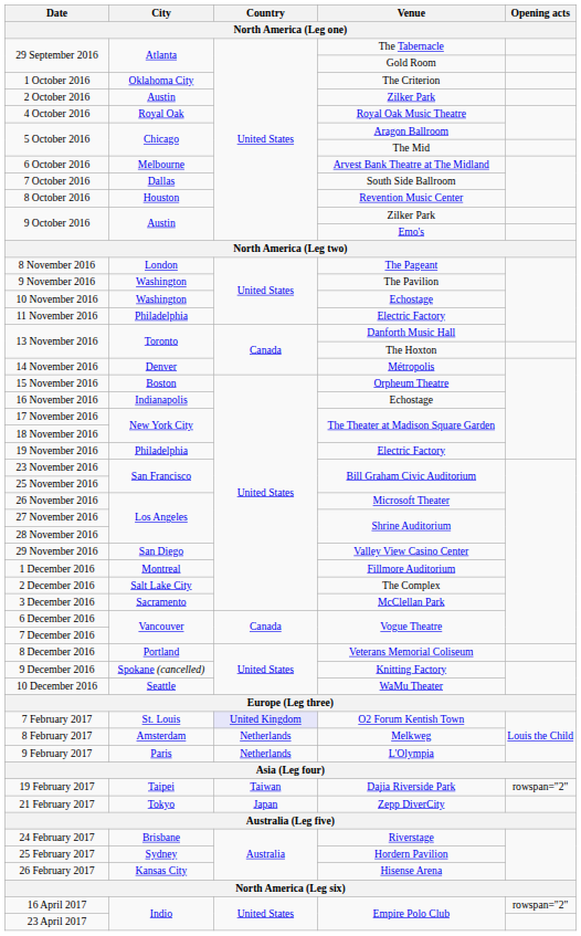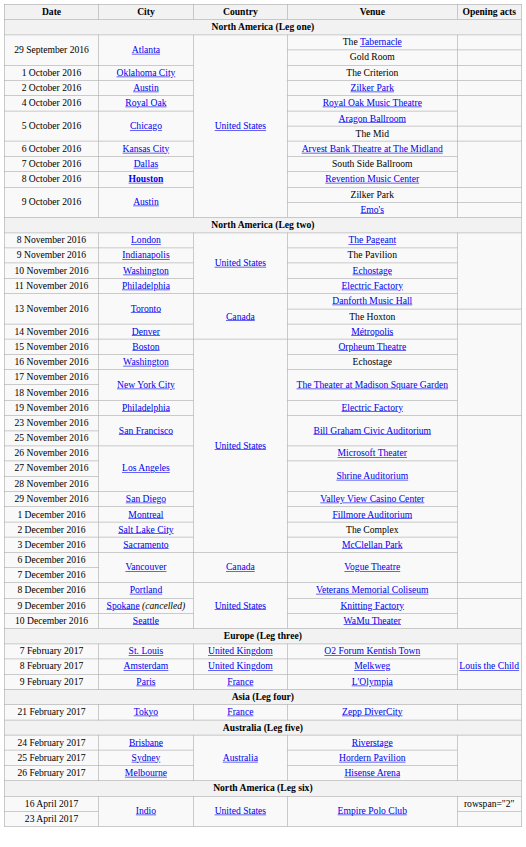 <table class="wikitable" style="text-align:center;">
 <tr>
 <th width="150">Date</th>
 <th width="150">City</th>
 <th width="150">Country</th>
 <th width="275">Venue</th>
 <th width="100">Opening acts</th>
 </tr>
 <tr>
 <th colspan="5">North America (Leg one)</th>
 </tr>
 <tr>
 <td rowspan="2">29 September 2016</td>
 <td rowspan="2"><a href='#'>Atlanta</a></td>
 <td rowspan="12"><a href='#'>United States</a></td>
 <td>The <a href='#'>Tabernacle</a></td>
 <td></td>
 </tr>
 <tr>
 <td>Gold Room </td>
 <td></td>
 </tr>
 <tr>
 <td>1 October 2016</td>
 <td><a href='#'>Oklahoma City</a></td>
 <td>The Criterion</td>
 <td></td>
 </tr>
 <tr>
 <td>2 October 2016</td>
 <td><a href='#'>Austin</a></td>
 <td><a href='#'>Zilker Park</a></td>
 <td></td>
 </tr>
 <tr>
 <td>4 October 2016</td>
 <td><a href='#'>Royal Oak</a></td>
 <td><a href='#'>Royal Oak Music Theatre</a></td>
 <td rowspan="2"></td>
 </tr>
 <tr>
 <td rowspan="2">5 October 2016</td>
 <td rowspan="2"><a href='#'>Chicago</a></td>
 <td><a href='#'>Aragon Ballroom</a></td>
 </tr>
 <tr>
 <td>The Mid </td>
 <td></td>
 </tr>
 <tr>
 <td>6 October 2016</td>
-<td><a href='#'>Melbourne</a></td>
+<td><a href='#'>Kansas City</a></td>
 <td><a href='#'>Arvest Bank Theatre at The Midland</a></td>
 <td rowspan="3"></td>
 </tr>
 <tr>
 <td>7 October 2016</td>
 <td><a href='#'>Dallas</a></td>
 <td>South Side Ballroom</td>
 </tr>
 <tr>
 <td>8 October 2016</td>
-<td><a href='#'>Houston</a></td>
+<td><strong><a href='#'>Houston</a></strong></td>
 <td><a href='#'>Revention Music Center</a></td>
 </tr>
 <tr>
 <td rowspan="2">9 October 2016</td>
 <td rowspan="2"><a href='#'>Austin</a></td>
 <td>Zilker Park</td>
 <td></td>
 </tr>
 <tr>
 <td><a href='#'>Emo's</a> </td>
 <td></td>
 </tr>
 <tr>
 <th colspan="5">North America (Leg two)</th>
 </tr>
 <tr>
 <td>8 November 2016</td>
 <td><a href='#'>London</a></td>
 <td rowspan="4"><a href='#'>United States</a></td>
 <td><a href='#'>The Pageant</a></td>
 <td rowspan="5"></td>
 </tr>
 <tr>
 <td>9 November 2016</td>
-<td><a href='#'>Washington</a></td>
+<td><a href='#'>Indianapolis</a></td>
 <td>The Pavilion</td>
 </tr>
 <tr>
 <td>10 November 2016</td>
 <td><a href='#'>Washington</a></td>
 <td><a href='#'>Echostage</a></td>
 </tr>
 <tr>
 <td>11 November 2016</td>
 <td><a href='#'>Philadelphia</a></td>
 <td><a href='#'>Electric Factory</a></td>
 </tr>
 <tr>
 <td rowspan="2">13 November 2016</td>
 <td rowspan="2"><a href='#'>Toronto</a></td>
 <td rowspan="3"><a href='#'>Canada</a></td>
 <td><a href='#'>Danforth Music Hall</a></td>
 </tr>
 <tr>
 <td>The Hoxton </td>
 <td></td>
 </tr>
 <tr>
 <td>14 November 2016</td>
 <td><a href='#'>Denver</a></td>
 <td><a href='#'>Métropolis</a></td>
 <td rowspan="6"></td>
 </tr>
 <tr>
 <td>15 November 2016</td>
 <td><a href='#'>Boston</a></td>
 <td rowspan="14"><a href='#'>United States</a></td>
 <td><a href='#'>Orpheum Theatre</a></td>
 </tr>
 <tr>
 <td>16 November 2016</td>
-<td><a href='#'>Indianapolis</a></td>
+<td><a href='#'>Washington</a></td>
 <td>Echostage</td>
 </tr>
 <tr>
 <td>17 November 2016</td>
 <td rowspan="2"><a href='#'>New York City</a></td>
 <td rowspan="2"><a href='#'>The Theater at Madison Square Garden</a></td>
 </tr>
 <tr>
 <td>18 November 2016</td>
 </tr>
 <tr>
 <td>19 November 2016</td>
 <td><a href='#'>Philadelphia</a></td>
 <td><a href='#'>Electric Factory</a></td>
 </tr>
 <tr>
 <td>23 November 2016</td>
 <td rowspan="2"><a href='#'>San Francisco</a></td>
 <td rowspan="2"><a href='#'>Bill Graham Civic Auditorium</a></td>
 <td rowspan="11"></td>
 </tr>
 <tr>
 <td>25 November 2016</td>
 </tr>
 <tr>
 <td>26 November 2016</td>
 <td rowspan="3"><a href='#'>Los Angeles</a></td>
 <td><a href='#'>Microsoft Theater</a></td>
 </tr>
 <tr>
 <td>27 November 2016</td>
 <td rowspan="2"><a href='#'>Shrine Auditorium</a></td>
 </tr>
 <tr>
 <td>28 November 2016</td>
 </tr>
 <tr>
 <td>29 November 2016</td>
 <td><a href='#'>San Diego</a></td>
 <td><a href='#'>Valley View Casino Center</a></td>
 </tr>
 <tr>
 <td>1 December 2016</td>
 <td><a href='#'>Montreal</a></td>
 <td><a href='#'>Fillmore Auditorium</a></td>
 </tr>
 <tr>
 <td>2 December 2016</td>
 <td><a href='#'>Salt Lake City</a></td>
 <td>The Complex</td>
 </tr>
 <tr>
 <td>3 December 2016</td>
 <td><a href='#'>Sacramento</a></td>
 <td><a href='#'>McClellan Park</a></td>
 </tr>
 <tr>
 <td>6 December 2016</td>
 <td rowspan="2"><a href='#'>Vancouver</a></td>
 <td rowspan="2"><a href='#'>Canada</a></td>
 <td rowspan="2"><a href='#'>Vogue Theatre</a></td>
 </tr>
 <tr>
 <td>7 December 2016</td>
 </tr>
 <tr>
 <td>8 December 2016</td>
 <td><a href='#'>Portland</a></td>
 <td rowspan="3"><a href='#'>United States</a></td>
 <td><a href='#'>Veterans Memorial Coliseum</a></td>
 <td></td>
 </tr>
 <tr>
 <td>9 December 2016</td>
 <td><a href='#'>Spokane</a> <em>(cancelled)</em></td>
 <td><a href='#'>Knitting Factory</a></td>
 <td rowspan="2"></td>
 </tr>
 <tr>
 <td>10 December 2016</td>
 <td><a href='#'>Seattle</a></td>
 <td><a href='#'>WaMu Theater</a></td>
 </tr>
 <tr>
 <th colspan="5">Europe (Leg three)</th>
 </tr>
 <tr>
 <td>7 February 2017</td>
 <td><a href='#'>St. Louis</a></td>
-<td style="background: lavender;"><a href='#'>United Kingdom</a></td>
+<td><a href='#'>United Kingdom</a></td>
 <td><a href='#'>O2 Forum Kentish Town</a></td>
 <td rowspan="3"><a href='#'>Louis the Child</a></td>
 </tr>
 <tr>
 <td>8 February 2017</td>
 <td><a href='#'>Amsterdam</a></td>
-<td><a href='#'>Netherlands</a></td>
+<td><a href='#'>United Kingdom</a></td>
 <td><a href='#'>Melkweg</a></td>
 </tr>
 <tr>
 <td>9 February 2017</td>
 <td><a href='#'>Paris</a></td>
-<td><a href='#'>Netherlands</a></td>
+<td><a href='#'>France</a></td>
 <td><a href='#'>L'Olympia</a></td>
 </tr>
 <tr>
 <th colspan="5">Asia (Leg four)</th>
 </tr>
 <tr>
-<td>19 February 2017</td>
-<td><a href='#'>Taipei</a></td>
-<td><a href='#'>Taiwan</a></td>
-<td><a href='#'>Dajia Riverside Park</a> </td>
-<td>rowspan="2" </td>
-</tr>
-<tr>
 <td>21 February 2017</td>
 <td><a href='#'>Tokyo</a></td>
-<td><a href='#'>Japan</a></td>
+<td><a href='#'>France</a></td>
 <td><a href='#'>Zepp DiverCity</a></td>
 </tr>
 <tr>
 <th colspan="5">Australia (Leg five)</th>
 </tr>
 <tr>
 <td>24 February 2017</td>
 <td><a href='#'>Brisbane</a></td>
 <td rowspan="3"><a href='#'>Australia</a></td>
 <td><a href='#'>Riverstage</a></td>
 <td rowspan="3"></td>
 </tr>
 <tr>
 <td>25 February 2017</td>
 <td><a href='#'>Sydney</a></td>
 <td><a href='#'>Hordern Pavilion</a></td>
 </tr>
 <tr>
 <td>26 February 2017</td>
-<td><a href='#'>Kansas City</a></td>
+<td><a href='#'>Melbourne</a></td>
 <td><a href='#'>Hisense Arena</a></td>
 </tr>
 <tr>
 <th colspan="5">North America (Leg six)</th>
 </tr>
 <tr>
 <td>16 April 2017</td>
 <td rowspan="2"><a href='#'>Indio</a></td>
 <td rowspan="2"><a href='#'>United States</a></td>
 <td rowspan="2"><a href='#'>Empire Polo Club</a></td>
 <td>rowspan="2" </td>
 </tr>
 <tr>
 <td>23 April 2017</td>
 </tr>
 </table>
